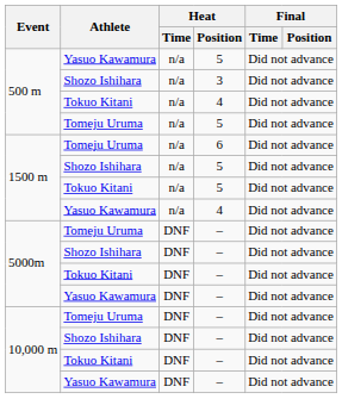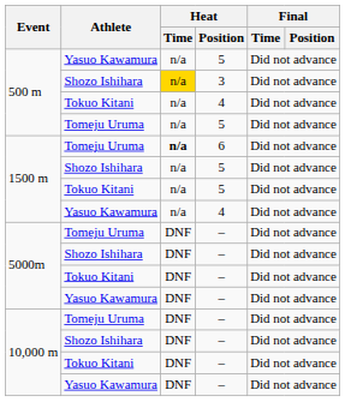 <table class="wikitable" border="1" style="font-size:90%">
 <tr>
 <th rowspan=2>Event</th>
 <th rowspan=2>Athlete</th>
 <th colspan=2>Heat</th>
 <th colspan=2>Final</th>
 </tr>
 <tr>
 <th>Time</th>
 <th>Position</th>
 <th>Time</th>
 <th>Position</th>
 </tr>
 <tr>
 <td rowspan=4>500 m</td>
 <td><a href='#'>Yasuo Kawamura</a></td>
 <td align=center>n/a</td>
 <td align=center>5</td>
 <td colspan=2 align=center>Did not advance</td>
 </tr>
 <tr>
 <td><a href='#'>Shozo Ishihara</a></td>
-<td align=center>n/a</td>
+<td align=center style="background: gold;">n/a</td>
 <td align=center>3</td>
 <td colspan=2 align=center>Did not advance</td>
 </tr>
 <tr>
 <td><a href='#'>Tokuo Kitani</a></td>
 <td align=center>n/a</td>
 <td align=center>4</td>
 <td colspan=2 align=center>Did not advance</td>
 </tr>
 <tr>
 <td><a href='#'>Tomeju Uruma</a></td>
 <td align=center>n/a</td>
 <td align=center>5</td>
 <td colspan=2 align=center>Did not advance</td>
 </tr>
 <tr>
 <td rowspan=4>1500 m</td>
 <td><a href='#'>Tomeju Uruma</a></td>
-<td align=center>n/a</td>
+<td align=center><strong>n/a</strong></td>
 <td align=center>6</td>
 <td colspan=2 align=center>Did not advance</td>
 </tr>
 <tr>
 <td><a href='#'>Shozo Ishihara</a></td>
 <td align=center>n/a</td>
 <td align=center>5</td>
 <td colspan=2 align=center>Did not advance</td>
 </tr>
 <tr>
 <td><a href='#'>Tokuo Kitani</a></td>
 <td align=center>n/a</td>
 <td align=center>5</td>
 <td colspan=2 align=center>Did not advance</td>
 </tr>
 <tr>
 <td><a href='#'>Yasuo Kawamura</a></td>
 <td align=center>n/a</td>
 <td align=center>4</td>
 <td colspan=2 align=center>Did not advance</td>
 </tr>
 <tr>
 <td rowspan=4>5000m</td>
 <td><a href='#'>Tomeju Uruma</a></td>
 <td align=center>DNF</td>
 <td align=center>–</td>
 <td colspan=2 align=center>Did not advance</td>
 </tr>
 <tr>
 <td><a href='#'>Shozo Ishihara</a></td>
 <td align=center>DNF</td>
 <td align=center>–</td>
 <td colspan=2 align=center>Did not advance</td>
 </tr>
 <tr>
 <td><a href='#'>Tokuo Kitani</a></td>
 <td align=center>DNF</td>
 <td align=center>–</td>
 <td colspan=2 align=center>Did not advance</td>
 </tr>
 <tr>
 <td><a href='#'>Yasuo Kawamura</a></td>
 <td align=center>DNF</td>
 <td align=center>–</td>
 <td colspan=2 align=center>Did not advance</td>
 </tr>
 <tr>
 <td rowspan=4>10,000 m</td>
 <td><a href='#'>Tomeju Uruma</a></td>
 <td align=center>DNF</td>
 <td align=center>–</td>
 <td colspan=2 align=center>Did not advance</td>
 </tr>
 <tr>
 <td><a href='#'>Shozo Ishihara</a></td>
 <td align=center>DNF</td>
 <td align=center>–</td>
 <td colspan=2 align=center>Did not advance</td>
 </tr>
 <tr>
 <td><a href='#'>Tokuo Kitani</a></td>
 <td align=center>DNF</td>
 <td align=center>–</td>
 <td colspan=2 align=center>Did not advance</td>
 </tr>
 <tr>
 <td><a href='#'>Yasuo Kawamura</a></td>
 <td align=center>DNF</td>
 <td align=center>–</td>
 <td colspan=2 align=center>Did not advance</td>
 </tr>
 </table>
